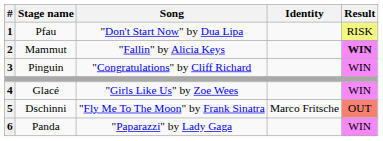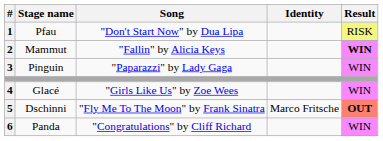 <table class="wikitable plainrowheaders" style="text-align: center">
 <tr>
 <th>#</th>
 <th>Stage name</th>
 <th>Song</th>
 <th>Identity</th>
 <th>Result</th>
 </tr>
 <tr>
 <th>1</th>
 <td>Pfau</td>
 <td>"<a href='#'>Don't Start Now</a>" by <a href='#'>Dua Lipa</a></td>
 <td></td>
 <td bgcolor="#F3F781">RISK</td>
 </tr>
 <tr>
 <th>2</th>
 <td>Mammut</td>
 <td>"<a href='#'>Fallin</a>" by <a href='#'>Alicia Keys</a></td>
 <td></td>
 <td bgcolor=#F888FD><strong>WIN</strong></td>
 </tr>
 <tr>
 <th>3</th>
 <td>Pinguin</td>
-<td>"<a href='#'>Congratulations</a>" by <a href='#'>Cliff Richard</a></td>
+<td>"<a href='#'>Paparazzi</a>" by <a href='#'>Lady Gaga</a></td>
 <td></td>
 <td bgcolor=#F888FD>WIN</td>
 </tr>
 <tr>
 <td colspan="5" style="background:darkgray"></td>
 </tr>
 <tr>
 <th>4</th>
 <td>Glacé</td>
 <td>"<a href='#'>Girls Like Us</a>" by <a href='#'>Zoe Wees</a></td>
 <td></td>
 <td bgcolor="F888FD">WIN</td>
 </tr>
 <tr>
 <th>5</th>
 <td>Dschinni</td>
 <td>"<a href='#'>Fly Me To The Moon</a>" by <a href='#'>Frank Sinatra</a></td>
 <td>Marco Fritsche</td>
-<td bgcolor=salmon>OUT</td>
+<td bgcolor=salmon><strong>OUT</strong></td>
 </tr>
 <tr>
 <th>6</th>
 <td>Panda</td>
-<td>"<a href='#'>Paparazzi</a>" by <a href='#'>Lady Gaga</a></td>
+<td>"<a href='#'>Congratulations</a>" by <a href='#'>Cliff Richard</a></td>
 <td></td>
 <td bgcolor="F888FD">WIN</td>
 </tr>
 </table>
